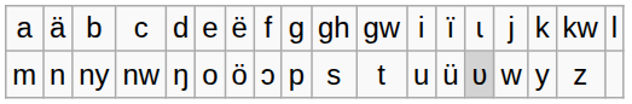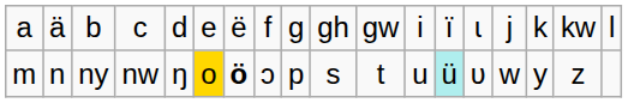 <table class="wikitable" style="text-align: center;">
 <tr>
 <td>a</td>
 <td>ä</td>
 <td>b</td>
 <td>c</td>
 <td>d</td>
 <td>e</td>
 <td>ë</td>
 <td>f</td>
 <td>g</td>
 <td>gh</td>
 <td>gw</td>
 <td>i</td>
 <td>ï</td>
 <td>ɩ</td>
 <td>j</td>
 <td>k</td>
 <td>kw</td>
 <td>l</td>
 </tr>
 <tr>
 <td>m</td>
 <td>n</td>
 <td>ny</td>
 <td>nw</td>
 <td>ŋ</td>
-<td>o</td>
-<td>ö</td>
+<td style="background: gold;">o</td>
+<td><strong>ö</strong></td>
 <td>ɔ</td>
 <td>p</td>
 <td>s</td>
 <td>t</td>
 <td>u</td>
-<td>ü</td>
-<td style="background: lightgrey;">ʋ</td>
+<td style="background: paleturquoise;">ü</td>
+<td>ʋ</td>
 <td>w</td>
 <td>y</td>
 <td>z</td>
 </tr>
 </table>
